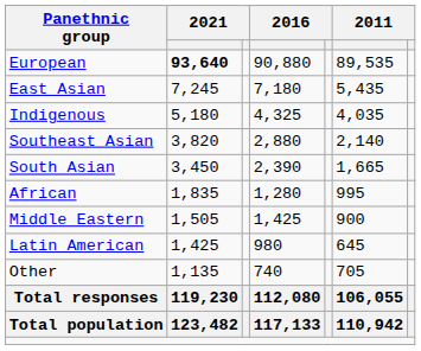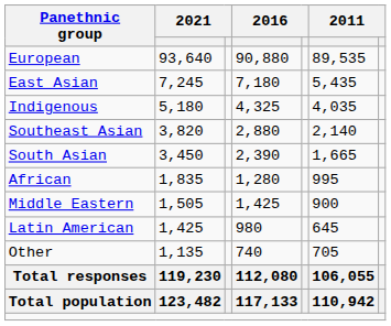 <table class="wikitable collapsible sortable">
 <tr>
 <th rowspan="2"><a href='#'>Panethnic</a><br>group</th>
 <th colspan="2">2021</th>
 <th colspan="2">2016</th>
 <th colspan="2">2011</th>
 </tr>
 <tr>
 <th><a href='#'></a></th>
 <th></th>
 <th></th>
 <th></th>
 <th></th>
 <th></th>
 </tr>
 <tr>
 <td><a href='#'>European</a></td>
-<td><strong>93,640</strong></td>
+<td>93,640</td>
 <td></td>
 <td>90,880</td>
 <td></td>
 <td>89,535</td>
 <td></td>
 </tr>
 <tr>
 <td><a href='#'>East Asian</a></td>
 <td>7,245</td>
 <td></td>
 <td>7,180</td>
 <td></td>
 <td>5,435</td>
 <td></td>
 </tr>
 <tr>
 <td><a href='#'>Indigenous</a></td>
 <td>5,180</td>
 <td></td>
 <td>4,325</td>
 <td></td>
 <td>4,035</td>
 <td></td>
 </tr>
 <tr>
 <td><a href='#'>Southeast Asian</a></td>
 <td>3,820</td>
 <td></td>
 <td>2,880</td>
 <td></td>
 <td>2,140</td>
 <td></td>
 </tr>
 <tr>
 <td><a href='#'>South Asian</a></td>
 <td>3,450</td>
 <td></td>
 <td>2,390</td>
 <td></td>
 <td>1,665</td>
 <td></td>
 </tr>
 <tr>
 <td><a href='#'>African</a></td>
 <td>1,835</td>
 <td></td>
 <td>1,280</td>
 <td></td>
 <td>995</td>
 <td></td>
 </tr>
 <tr>
 <td><a href='#'>Middle Eastern</a></td>
 <td>1,505</td>
 <td></td>
 <td>1,425</td>
 <td></td>
 <td>900</td>
 <td></td>
 </tr>
 <tr>
 <td><a href='#'>Latin American</a></td>
 <td>1,425</td>
 <td></td>
 <td>980</td>
 <td></td>
 <td>645</td>
 <td></td>
 </tr>
 <tr>
 <td>Other</td>
 <td>1,135</td>
 <td></td>
 <td>740</td>
 <td></td>
 <td>705</td>
 <td></td>
 </tr>
 <tr>
 <th>Total responses</th>
 <th>119,230</th>
 <th></th>
 <th>112,080</th>
 <th></th>
 <th>106,055</th>
 <th></th>
 </tr>
 <tr>
 <th>Total population</th>
 <th>123,482</th>
 <th></th>
 <th>117,133</th>
 <th></th>
 <th>110,942</th>
 <th></th>
 </tr>
 <tr class="sortbottom">
 <td colspan="15"></td>
 </tr>
 </table>
